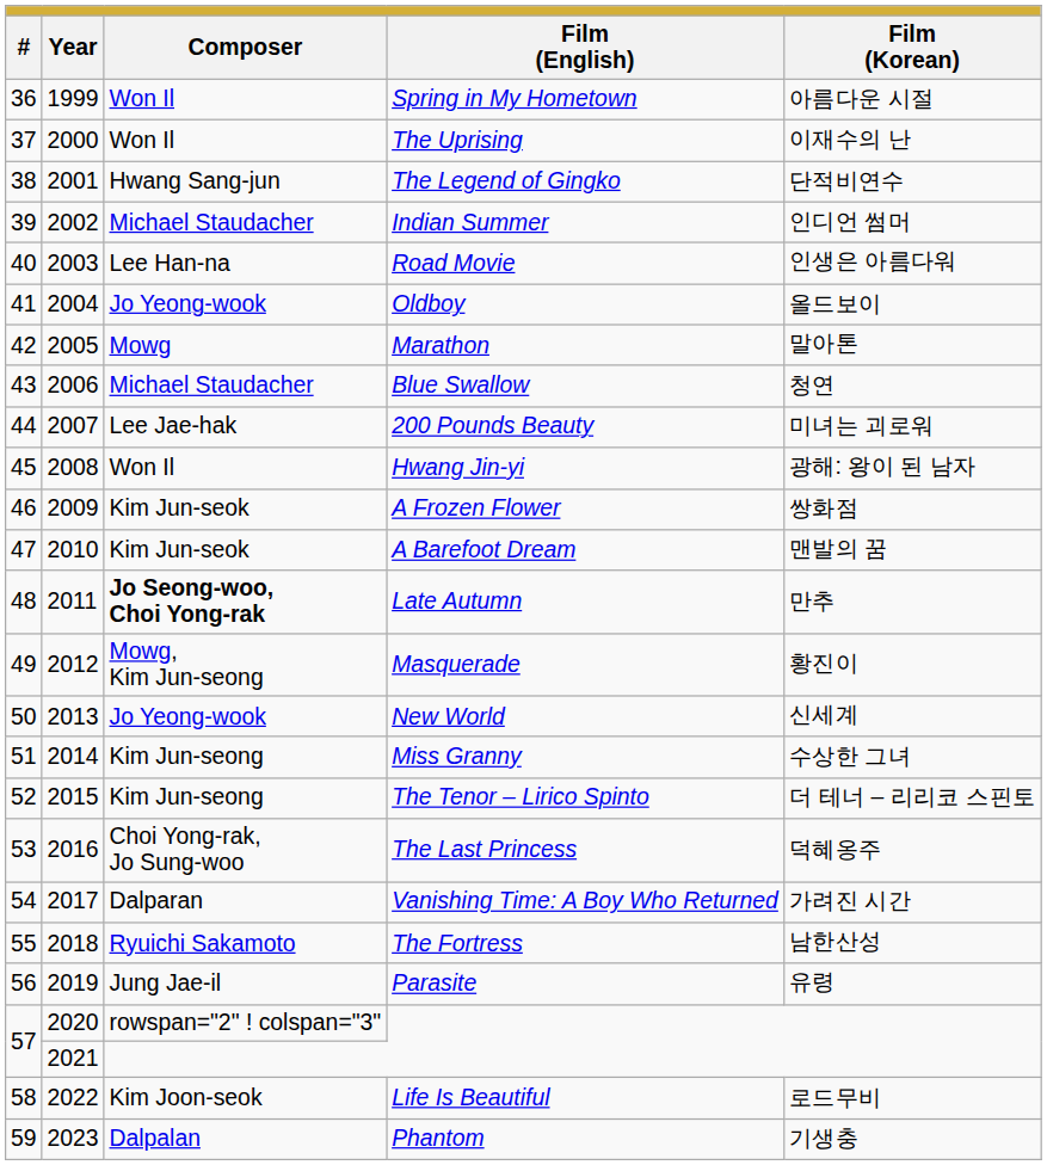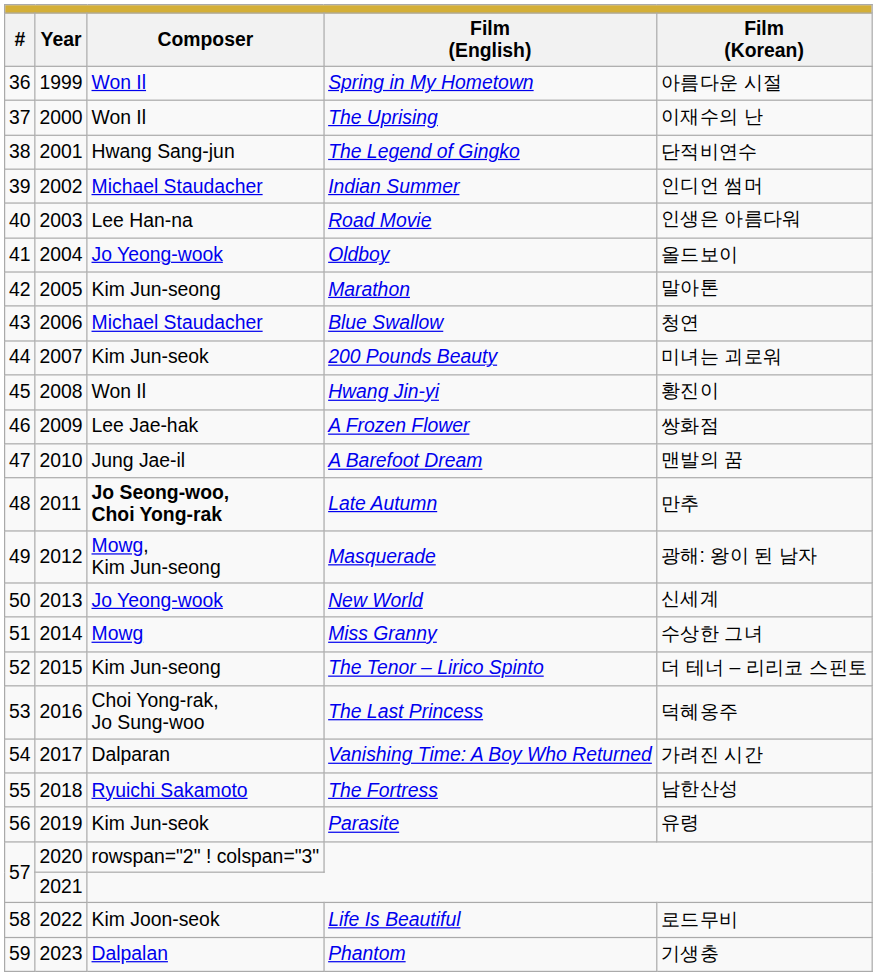 <table class="wikitable collapsible collapsed">
 <tr>
 <th colspan="5" style="background: #D4AF37;"></th>
 </tr>
 <tr>
 <th>#</th>
 <th>Year</th>
 <th>Composer</th>
 <th>Film<br>(English)</th>
 <th>Film<br>(Korean)</th>
 </tr>
 <tr>
 <td>36</td>
 <td>1999</td>
 <td><a href='#'>Won Il</a></td>
 <td><em><a href='#'>Spring in My Hometown</a></em></td>
 <td>아름다운 시절</td>
 </tr>
 <tr>
 <td>37</td>
 <td>2000</td>
 <td>Won Il</td>
 <td><em><a href='#'>The Uprising</a></em></td>
 <td>이재수의 난</td>
 </tr>
 <tr>
 <td>38</td>
 <td>2001</td>
 <td>Hwang Sang-jun</td>
 <td><em><a href='#'>The Legend of Gingko</a></em></td>
 <td>단적비연수</td>
 </tr>
 <tr>
 <td>39</td>
 <td>2002</td>
 <td><a href='#'>Michael Staudacher</a></td>
 <td><em><a href='#'>Indian Summer</a></em></td>
 <td>인디언 썸머</td>
 </tr>
 <tr>
 <td>40</td>
 <td>2003</td>
 <td>Lee Han-na</td>
 <td><em><a href='#'>Road Movie</a></em></td>
 <td>인생은 아름다워</td>
 </tr>
 <tr>
 <td>41</td>
 <td>2004</td>
 <td><a href='#'>Jo Yeong-wook</a></td>
 <td><em><a href='#'>Oldboy</a></em></td>
 <td>올드보이</td>
 </tr>
 <tr>
 <td>42</td>
 <td>2005</td>
-<td><a href='#'>Mowg</a></td>
+<td>Kim Jun-seong</td>
 <td><em><a href='#'>Marathon</a></em></td>
 <td>말아톤</td>
 </tr>
 <tr>
 <td>43</td>
 <td>2006</td>
 <td><a href='#'>Michael Staudacher</a></td>
 <td><em><a href='#'>Blue Swallow</a></em></td>
 <td>청연</td>
 </tr>
 <tr>
 <td>44</td>
 <td>2007</td>
-<td>Lee Jae-hak</td>
+<td>Kim Jun-seok</td>
 <td><em><a href='#'>200 Pounds Beauty</a></em></td>
 <td>미녀는 괴로워</td>
 </tr>
 <tr>
 <td>45</td>
 <td>2008</td>
 <td>Won Il</td>
 <td><em><a href='#'>Hwang Jin-yi</a></em></td>
-<td>광해: 왕이 된 남자</td>
+<td>황진이</td>
 </tr>
 <tr>
 <td>46</td>
 <td>2009</td>
-<td>Kim Jun-seok</td>
+<td>Lee Jae-hak</td>
 <td><em><a href='#'>A Frozen Flower</a></em></td>
 <td>쌍화점</td>
 </tr>
 <tr>
 <td>47</td>
 <td>2010</td>
-<td>Kim Jun-seok</td>
+<td>Jung Jae-il</td>
 <td><em><a href='#'>A Barefoot Dream</a></em></td>
 <td>맨발의 꿈</td>
 </tr>
 <tr>
 <td>48</td>
 <td>2011</td>
 <td><strong>Jo Seong-woo,<br>Choi Yong-rak</strong></td>
 <td><em><a href='#'>Late Autumn</a></em></td>
 <td>만추</td>
 </tr>
 <tr>
 <td>49</td>
 <td>2012</td>
 <td><a href='#'>Mowg</a>,<br>Kim Jun-seong</td>
 <td><em><a href='#'>Masquerade</a></em></td>
-<td>황진이</td>
+<td>광해: 왕이 된 남자</td>
 </tr>
 <tr>
 <td>50</td>
 <td>2013</td>
 <td><a href='#'>Jo Yeong-wook</a></td>
 <td><em><a href='#'>New World</a></em></td>
 <td>신세계</td>
 </tr>
 <tr>
 <td>51</td>
 <td>2014</td>
-<td>Kim Jun-seong</td>
+<td><a href='#'>Mowg</a></td>
 <td><em><a href='#'>Miss Granny</a></em></td>
 <td>수상한 그녀</td>
 </tr>
 <tr>
 <td>52</td>
 <td>2015</td>
 <td>Kim Jun-seong</td>
 <td><em><a href='#'>The Tenor – Lirico Spinto</a></em></td>
 <td>더 테너 – 리리코 스핀토</td>
 </tr>
 <tr>
 <td>53</td>
 <td>2016</td>
 <td>Choi Yong-rak,<br>Jo Sung-woo</td>
 <td><em><a href='#'>The Last Princess</a></em></td>
 <td>덕혜옹주</td>
 </tr>
 <tr>
 <td>54</td>
 <td>2017</td>
 <td>Dalparan</td>
 <td><em><a href='#'>Vanishing Time: A Boy Who Returned</a></em></td>
 <td>가려진 시간</td>
 </tr>
 <tr>
 <td>55</td>
 <td>2018</td>
 <td><a href='#'>Ryuichi Sakamoto</a></td>
 <td><em><a href='#'>The Fortress</a></em></td>
 <td>남한산성</td>
 </tr>
 <tr>
 <td>56</td>
 <td>2019</td>
-<td>Jung Jae-il</td>
+<td>Kim Jun-seok</td>
 <td><em><a href='#'>Parasite</a></em></td>
 <td>유령</td>
 </tr>
 <tr>
 <td rowspan="2">57</td>
 <td>2020</td>
 <td>rowspan="2" ! colspan="3" </td>
 </tr>
 <tr>
 <td>2021</td>
 </tr>
 <tr>
 <td>58</td>
 <td>2022</td>
 <td>Kim Joon-seok</td>
 <td><em><a href='#'>Life Is Beautiful</a></em></td>
 <td>로드무비</td>
 </tr>
 <tr>
 <td>59</td>
 <td>2023</td>
 <td><a href='#'>Dalpalan</a></td>
 <td><em><a href='#'>Phantom</a></em></td>
 <td>기생충</td>
 </tr>
 </table>
